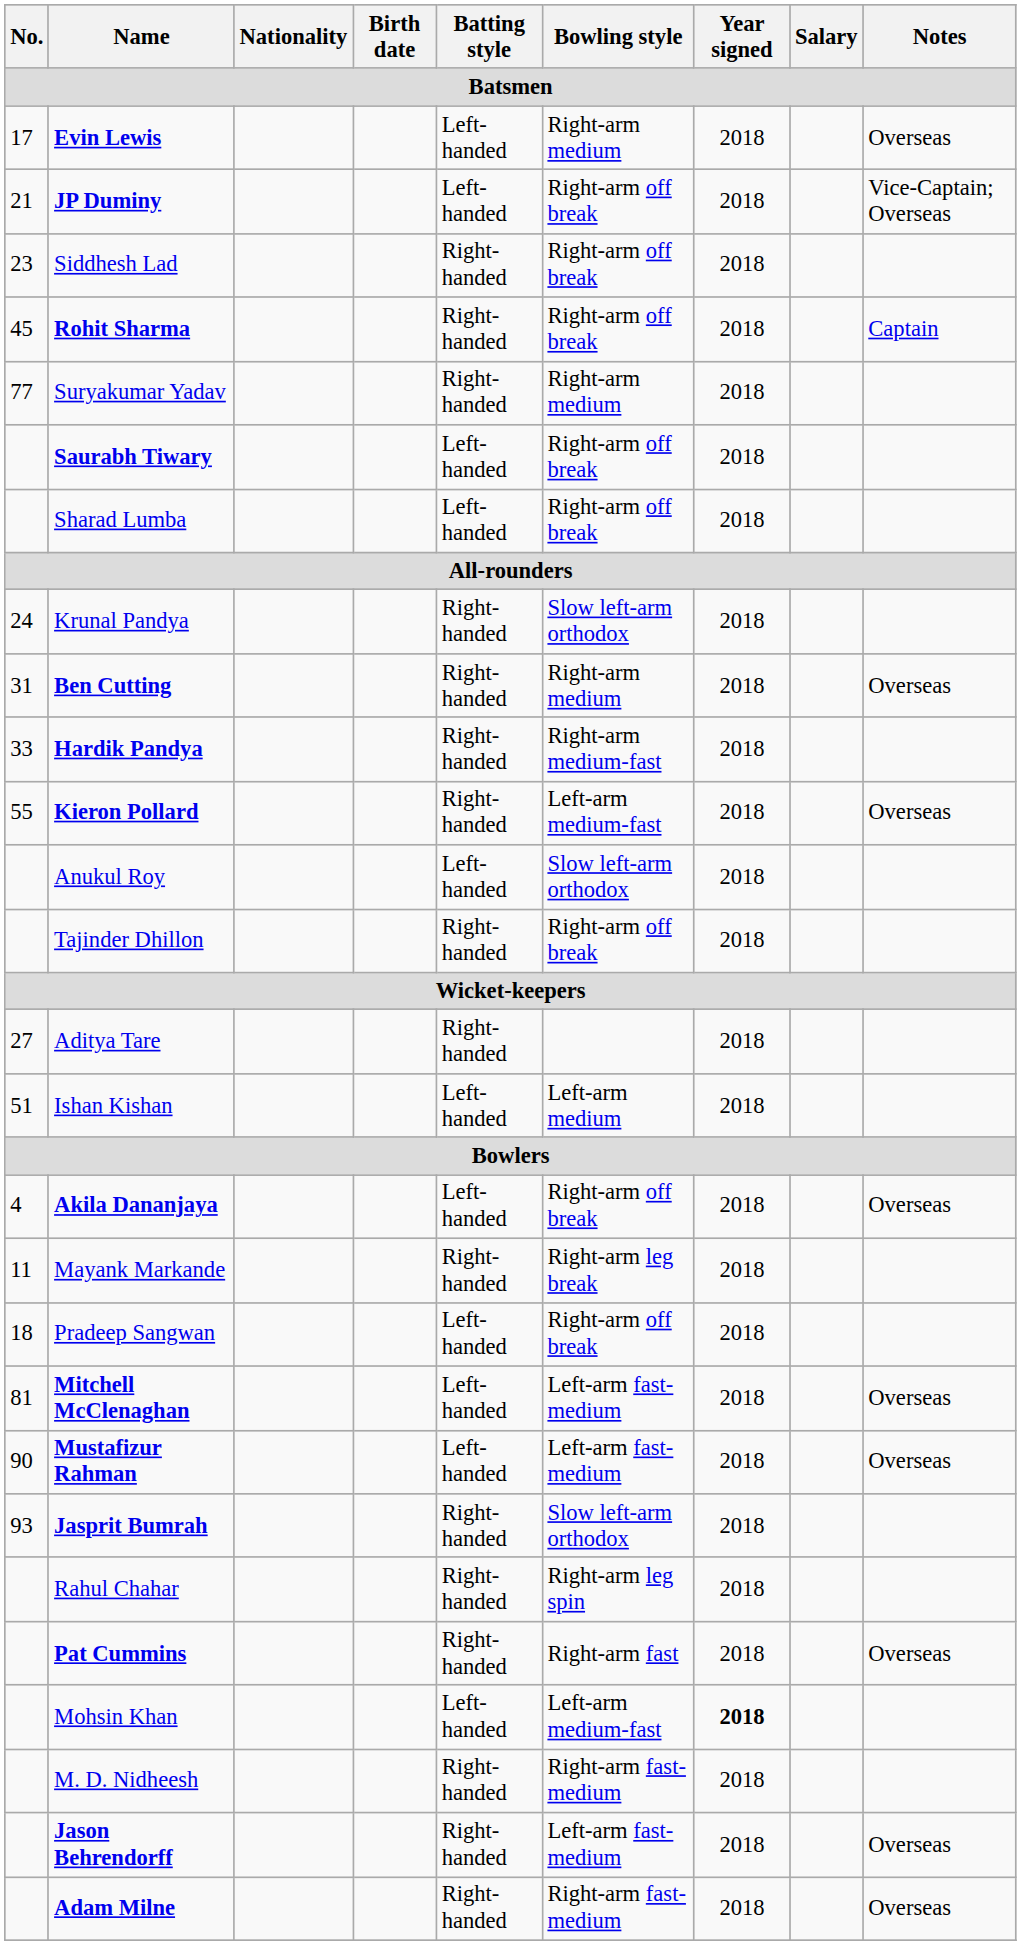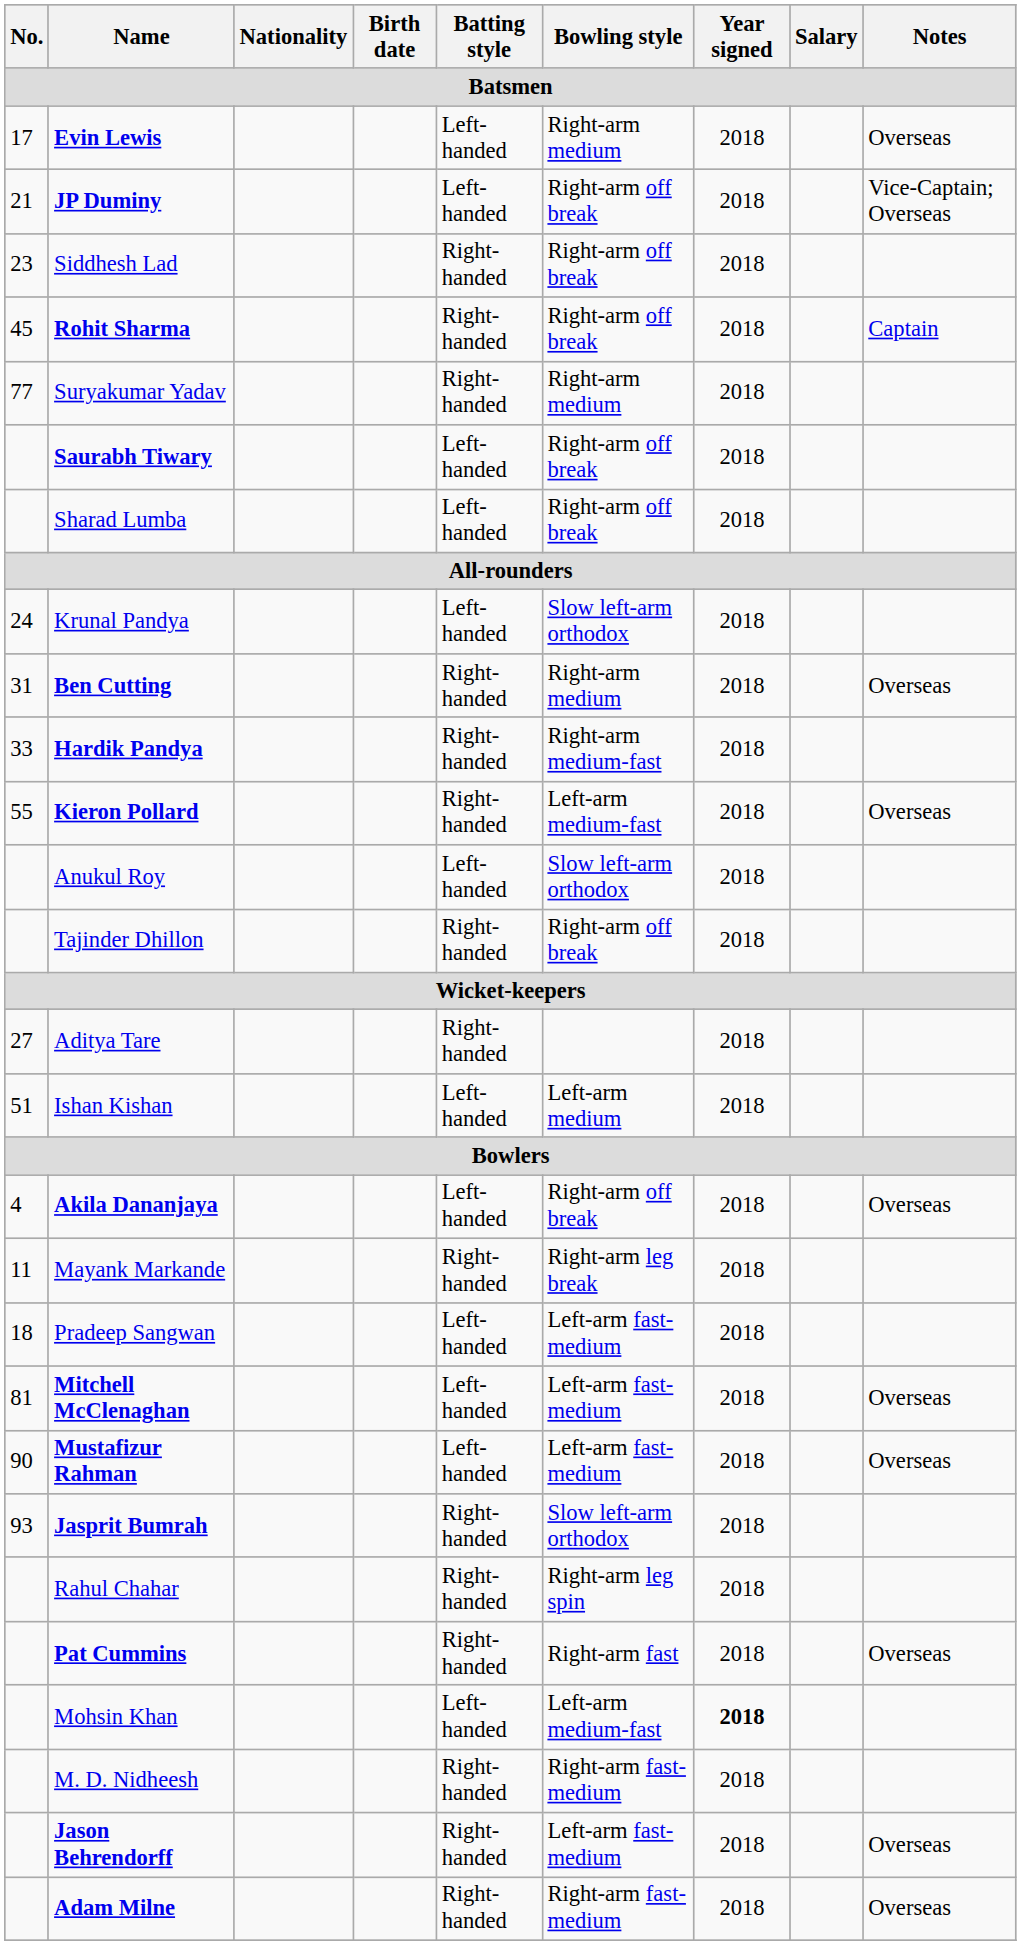 <table class="wikitable"  style="font-size:85%;">
 <tr>
 <th>No.</th>
 <th>Name</th>
 <th>Nationality</th>
 <th>Birth date</th>
 <th>Batting style</th>
 <th>Bowling style</th>
 <th>Year signed</th>
 <th>Salary</th>
 <th>Notes</th>
 </tr>
 <tr>
 <th colspan="9"  style="background:#dcdcdc; text-align:center;">Batsmen</th>
 </tr>
 <tr>
 <td>17</td>
 <td><strong><a href='#'>Evin Lewis</a></strong></td>
 <td></td>
 <td></td>
 <td>Left-handed</td>
 <td>Right-arm <a href='#'>medium</a></td>
 <td style="text-align:center;">2018</td>
 <td style="text-align:right;"></td>
 <td>Overseas</td>
 </tr>
 <tr>
 <td>21</td>
 <td><strong><a href='#'>JP Duminy</a></strong></td>
 <td></td>
 <td></td>
 <td>Left-handed</td>
 <td>Right-arm <a href='#'>off break</a></td>
 <td style="text-align:center;">2018</td>
 <td style="text-align:right;"></td>
 <td>Vice-Captain; Overseas</td>
 </tr>
 <tr>
 <td>23</td>
 <td><a href='#'>Siddhesh Lad</a></td>
 <td></td>
 <td></td>
 <td>Right-handed</td>
 <td>Right-arm <a href='#'>off break</a></td>
 <td style="text-align:center;">2018</td>
 <td style="text-align:right;"></td>
 <td></td>
 </tr>
 <tr>
 <td>45</td>
 <td><strong><a href='#'>Rohit Sharma</a></strong></td>
 <td></td>
 <td></td>
 <td>Right-handed</td>
 <td>Right-arm <a href='#'>off break</a></td>
 <td style="text-align:center;">2018</td>
 <td style="text-align:right;"></td>
 <td><a href='#'>Captain</a></td>
 </tr>
 <tr>
 <td>77</td>
 <td><a href='#'>Suryakumar Yadav</a></td>
 <td></td>
 <td></td>
 <td>Right-handed</td>
 <td>Right-arm <a href='#'>medium</a></td>
 <td style="text-align:center;">2018</td>
 <td style="text-align:right;"></td>
 <td></td>
 </tr>
 <tr>
 <td></td>
 <td><strong><a href='#'>Saurabh Tiwary</a></strong></td>
 <td></td>
 <td></td>
 <td>Left-handed</td>
 <td>Right-arm <a href='#'>off break</a></td>
 <td style="text-align:center;">2018</td>
 <td style="text-align:right;"></td>
 <td></td>
 </tr>
 <tr>
 <td></td>
 <td><a href='#'>Sharad Lumba</a></td>
 <td></td>
 <td></td>
 <td>Left-handed</td>
 <td>Right-arm <a href='#'>off break</a></td>
 <td style="text-align:center;">2018</td>
 <td style="text-align:right;"></td>
 <td></td>
 </tr>
 <tr>
 <th colspan="9"  style="background:#dcdcdc; text-align:center;">All-rounders</th>
 </tr>
 <tr>
 <td>24</td>
 <td><a href='#'>Krunal Pandya</a></td>
 <td></td>
 <td></td>
-<td>Right-handed</td>
+<td>Left-handed</td>
 <td><a href='#'>Slow left-arm orthodox</a></td>
 <td style="text-align:center;">2018</td>
 <td style="text-align:right;"></td>
 <td></td>
 </tr>
 <tr>
 <td>31</td>
 <td><strong><a href='#'>Ben Cutting</a></strong></td>
 <td></td>
 <td></td>
 <td>Right-handed</td>
 <td>Right-arm <a href='#'>medium</a></td>
 <td style="text-align:center;">2018</td>
 <td style="text-align:right;"></td>
 <td>Overseas</td>
 </tr>
 <tr>
 <td>33</td>
 <td><strong><a href='#'>Hardik Pandya</a></strong></td>
 <td></td>
 <td></td>
 <td>Right-handed</td>
 <td>Right-arm <a href='#'>medium-fast</a></td>
 <td style="text-align:center;">2018</td>
 <td style="text-align:right;"></td>
 <td></td>
 </tr>
 <tr>
 <td>55</td>
 <td><strong><a href='#'>Kieron Pollard</a></strong></td>
 <td></td>
 <td></td>
 <td>Right-handed</td>
 <td>Left-arm <a href='#'>medium-fast</a></td>
 <td style="text-align:center;">2018</td>
 <td style="text-align:right;"></td>
 <td>Overseas</td>
 </tr>
 <tr>
 <td></td>
 <td><a href='#'>Anukul Roy</a></td>
 <td></td>
 <td></td>
 <td>Left-handed</td>
 <td><a href='#'>Slow left-arm orthodox</a></td>
 <td style="text-align:center;">2018</td>
 <td style="text-align:right;"></td>
 <td></td>
 </tr>
 <tr>
 <td></td>
 <td><a href='#'>Tajinder Dhillon</a></td>
 <td></td>
 <td></td>
 <td>Right-handed</td>
 <td>Right-arm <a href='#'>off break</a></td>
 <td style="text-align:center;">2018</td>
 <td style="text-align:right;"></td>
 <td></td>
 </tr>
 <tr>
 <th colspan="9"  style="background:#dcdcdc; text-align:center;">Wicket-keepers</th>
 </tr>
 <tr>
 <td>27</td>
 <td><a href='#'>Aditya Tare</a></td>
 <td></td>
 <td></td>
 <td>Right-handed</td>
 <td></td>
 <td style="text-align:center;">2018</td>
 <td style="text-align:right;"></td>
 <td></td>
 </tr>
 <tr>
 <td>51</td>
 <td><a href='#'>Ishan Kishan</a></td>
 <td></td>
 <td></td>
 <td>Left-handed</td>
 <td>Left-arm <a href='#'>medium</a></td>
 <td style="text-align:center;">2018</td>
 <td style="text-align:right;"></td>
 <td></td>
 </tr>
 <tr>
 <th colspan="9"  style="background:#dcdcdc; text-align:center;">Bowlers</th>
 </tr>
 <tr>
 <td>4</td>
 <td><strong><a href='#'>Akila Dananjaya</a></strong></td>
 <td></td>
 <td></td>
 <td>Left-handed</td>
 <td>Right-arm <a href='#'>off break</a></td>
 <td style="text-align:center;">2018</td>
 <td style="text-align:right;"></td>
 <td>Overseas</td>
 </tr>
 <tr>
 <td>11</td>
 <td><a href='#'>Mayank Markande</a></td>
 <td></td>
 <td></td>
 <td>Right-handed</td>
 <td>Right-arm <a href='#'>leg break</a></td>
 <td style="text-align:center;">2018</td>
 <td style="text-align:right;"></td>
 <td></td>
 </tr>
 <tr>
 <td>18</td>
 <td><a href='#'>Pradeep Sangwan</a></td>
 <td></td>
 <td></td>
 <td>Left-handed</td>
-<td>Right-arm <a href='#'>off break</a></td>
+<td>Left-arm <a href='#'>fast-medium</a></td>
 <td style="text-align:center;">2018</td>
 <td style="text-align:right;"></td>
 <td></td>
 </tr>
 <tr>
 <td>81</td>
 <td><strong><a href='#'>Mitchell McClenaghan</a></strong></td>
 <td></td>
 <td></td>
 <td>Left-handed</td>
 <td>Left-arm <a href='#'>fast-medium</a></td>
 <td style="text-align:center;">2018</td>
 <td style="text-align:right;"></td>
 <td>Overseas</td>
 </tr>
 <tr>
 <td>90</td>
 <td><strong><a href='#'>Mustafizur Rahman</a></strong></td>
 <td></td>
 <td></td>
 <td>Left-handed</td>
 <td>Left-arm <a href='#'>fast-medium</a></td>
 <td style="text-align:center;">2018</td>
 <td style="text-align:right;"></td>
 <td>Overseas</td>
 </tr>
 <tr>
 <td>93</td>
 <td><strong><a href='#'>Jasprit Bumrah</a></strong></td>
 <td></td>
 <td></td>
 <td>Right-handed</td>
 <td><a href='#'>Slow left-arm orthodox</a></td>
 <td style="text-align:center;">2018</td>
 <td style="text-align:right;"></td>
 <td></td>
 </tr>
 <tr>
 <td></td>
 <td><a href='#'>Rahul Chahar</a></td>
 <td></td>
 <td></td>
 <td>Right-handed</td>
 <td>Right-arm <a href='#'>leg spin</a></td>
 <td style="text-align:center;">2018</td>
 <td style="text-align:right;"></td>
 <td></td>
 </tr>
 <tr -style="background:#FFCCCC;">
 <td></td>
 <td><strong><a href='#'>Pat Cummins</a></strong></td>
 <td></td>
 <td></td>
 <td>Right-handed</td>
 <td>Right-arm <a href='#'>fast</a></td>
 <td style="text-align:center;">2018</td>
 <td style="text-align:right;"></td>
 <td>Overseas</td>
 </tr>
 <tr>
 <td></td>
 <td><a href='#'>Mohsin Khan</a></td>
 <td></td>
 <td></td>
 <td>Left-handed</td>
 <td>Left-arm <a href='#'>medium-fast</a></td>
 <td style="text-align:center;"><strong>2018</strong></td>
 <td style="text-align:right;"></td>
 <td></td>
 </tr>
 <tr>
 <td></td>
 <td><a href='#'>M. D. Nidheesh</a></td>
 <td></td>
 <td></td>
 <td>Right-handed</td>
 <td>Right-arm <a href='#'>fast-medium</a></td>
 <td style="text-align:center;">2018</td>
 <td style="text-align:right;"></td>
 <td></td>
 </tr>
 <tr -style="background:#FFCCCC;">
 <td></td>
 <td><strong><a href='#'>Jason Behrendorff</a></strong></td>
 <td></td>
 <td></td>
 <td>Right-handed</td>
 <td>Left-arm <a href='#'>fast-medium</a></td>
 <td style="text-align:center;">2018</td>
 <td style="text-align:right;"></td>
 <td>Overseas</td>
 </tr>
 <tr>
 <td></td>
 <td><strong><a href='#'>Adam Milne</a></strong></td>
 <td></td>
 <td></td>
 <td>Right-handed</td>
 <td>Right-arm <a href='#'>fast-medium</a></td>
 <td style="text-align:center;">2018</td>
 <td style="text-align:right;"></td>
 <td>Overseas</td>
 </tr>
 <tr>
 </tr>
 </table>
